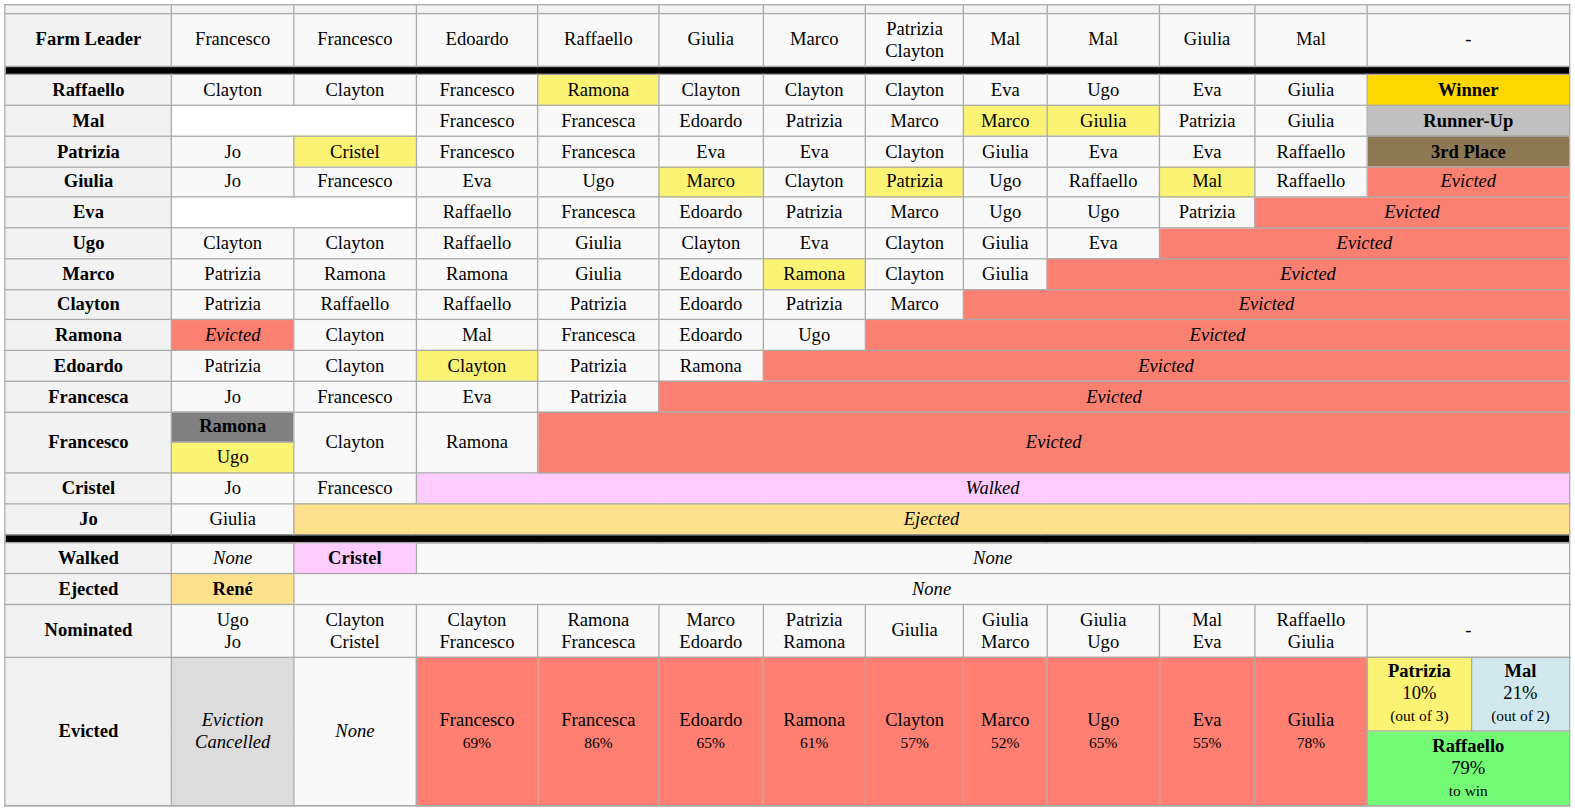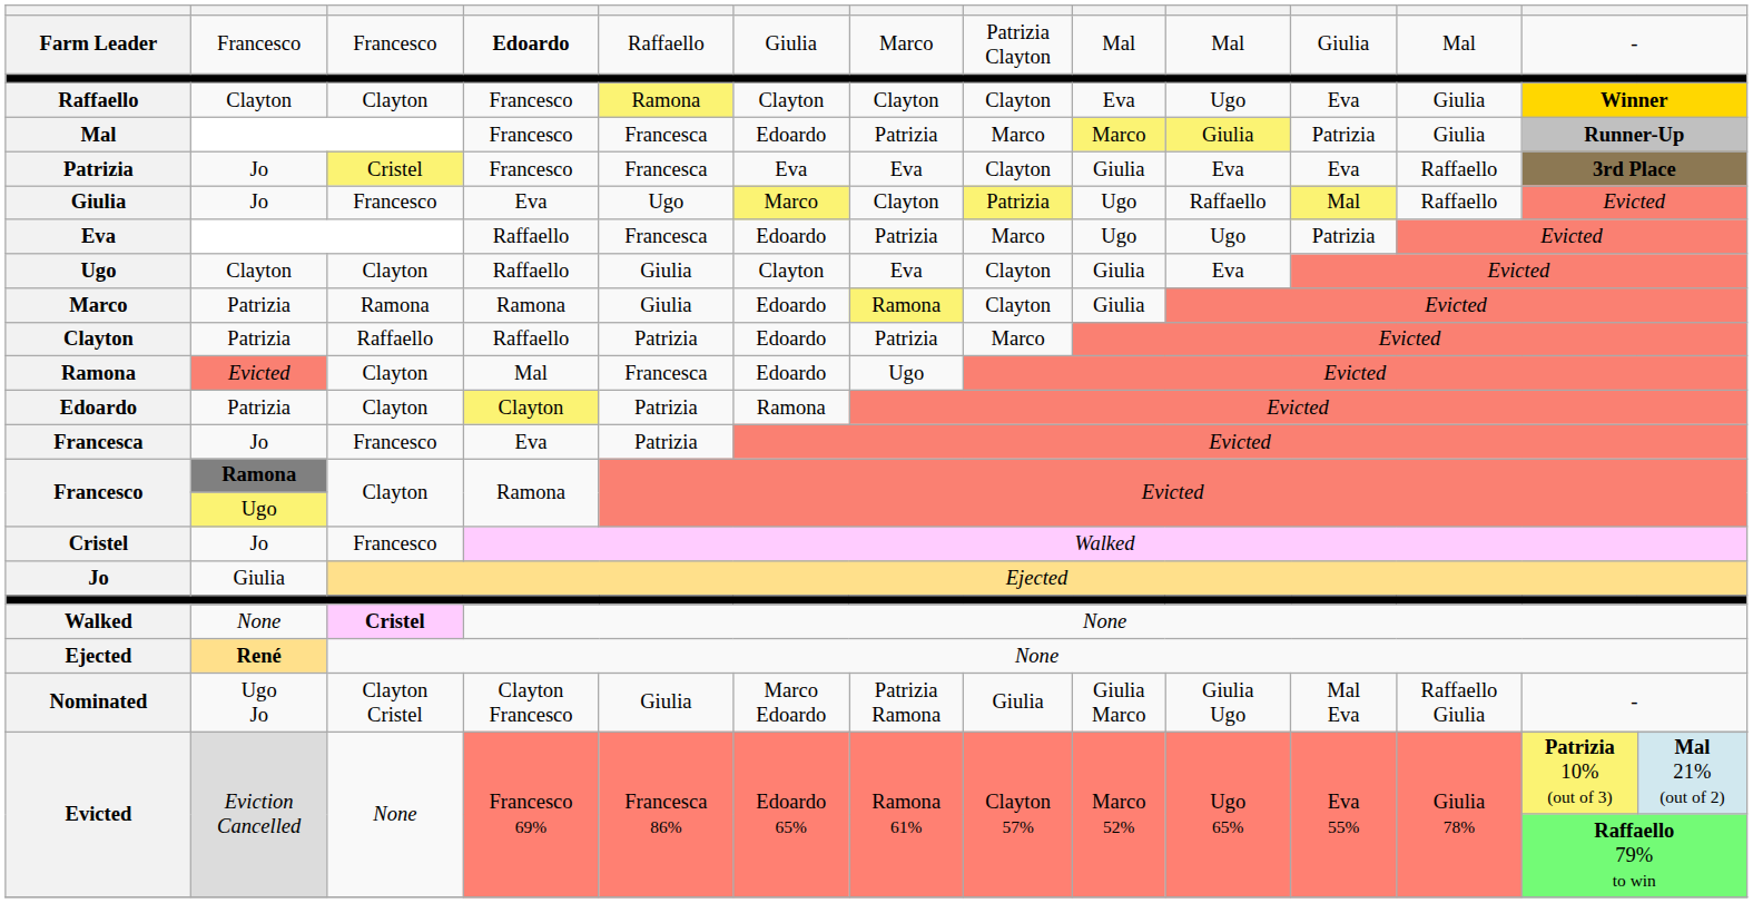 <table class="wikitable" style="font-size:90%; text-align:center; width: 96%; margin-left: auto; margin-right: auto;">
 <tr>
 <th></th>
 <th></th>
 <th></th>
 <th></th>
 <th></th>
 <th></th>
 <th></th>
 <th></th>
 <th></th>
 <th></th>
 <th></th>
 <th></th>
 <th colspan=2></th>
 </tr>
 <tr>
 <th>Farm Leader</th>
 <td>Francesco</td>
 <td>Francesco</td>
-<td>Edoardo</td>
+<td><strong>Edoardo</strong></td>
 <td>Raffaello</td>
 <td>Giulia</td>
 <td>Marco</td>
 <td>Patrizia<br>Clayton</td>
 <td>Mal</td>
 <td>Mal</td>
 <td>Giulia</td>
 <td>Mal</td>
 <td colspan=2>-</td>
 </tr>
 <tr>
 <th style="background:#000000;" colspan="14"></th>
 </tr>
 <tr>
 <th>Raffaello</th>
 <td>Clayton</td>
 <td>Clayton</td>
 <td>Francesco</td>
 <td style="background:#FBF373;">Ramona</td>
 <td>Clayton</td>
 <td>Clayton</td>
 <td>Clayton</td>
 <td>Eva</td>
 <td>Ugo</td>
 <td>Eva</td>
 <td>Giulia</td>
 <td style="background:#FFD700;" colspan=2><strong>Winner</strong></td>
 </tr>
 <tr>
 <th>Mal</th>
 <td style="background:#ffffff;" colspan="2"></td>
 <td>Francesco</td>
 <td>Francesca</td>
 <td>Edoardo</td>
 <td>Patrizia</td>
 <td>Marco</td>
 <td style="background:#FBF373;">Marco</td>
 <td style="background:#FBF373;">Giulia</td>
 <td>Patrizia</td>
 <td>Giulia</td>
 <td style="background:#C0C0C0;" colspan=2><strong>Runner-Up</strong></td>
 </tr>
 <tr>
 <th>Patrizia</th>
 <td>Jo</td>
 <td style="background:#FBF373;">Cristel</td>
 <td>Francesco</td>
 <td>Francesca</td>
 <td>Eva</td>
 <td>Eva</td>
 <td>Clayton</td>
 <td>Giulia</td>
 <td>Eva</td>
 <td>Eva</td>
 <td>Raffaello</td>
 <td style="background:#8C7853;" colspan=2><strong>3rd Place</strong></td>
 </tr>
 <tr>
 <th>Giulia</th>
 <td>Jo</td>
 <td>Francesco</td>
 <td>Eva</td>
 <td>Ugo</td>
 <td style="background:#FBF373;">Marco</td>
 <td>Clayton</td>
 <td style="background:#FBF373;">Patrizia</td>
 <td>Ugo</td>
 <td>Raffaello</td>
 <td style="background:#FBF373;">Mal</td>
 <td>Raffaello</td>
 <td style="background:#FA8072; text-align:center" colspan=2><em>Evicted</em></td>
 </tr>
 <tr>
 <th>Eva</th>
 <td style="background:#ffffff;" colspan="2"></td>
 <td>Raffaello</td>
 <td>Francesca</td>
 <td>Edoardo</td>
 <td>Patrizia</td>
 <td>Marco</td>
 <td>Ugo</td>
 <td>Ugo</td>
 <td>Patrizia</td>
 <td style="background:#FA8072; text align:center" colspan=3><em>Evicted</em></td>
 </tr>
 <tr>
 <th>Ugo</th>
 <td>Clayton</td>
 <td>Clayton</td>
 <td>Raffaello</td>
 <td>Giulia</td>
 <td>Clayton</td>
 <td>Eva</td>
 <td>Clayton</td>
 <td>Giulia</td>
 <td>Eva</td>
 <td style="background:#FA8072; text-align:center" colspan="4"><em>Evicted</em></td>
 </tr>
 <tr>
 <th>Marco</th>
 <td>Patrizia</td>
 <td>Ramona</td>
 <td>Ramona</td>
 <td>Giulia</td>
 <td>Edoardo</td>
 <td style="background:#FBF373;">Ramona</td>
 <td>Clayton</td>
 <td>Giulia</td>
 <td style="background:#FA8072; text-align:center" colspan="5"><em>Evicted</em></td>
 </tr>
 <tr>
 <th>Clayton</th>
 <td>Patrizia</td>
 <td>Raffaello</td>
 <td>Raffaello</td>
 <td>Patrizia</td>
 <td>Edoardo</td>
 <td>Patrizia</td>
 <td>Marco</td>
 <td style="background:#FA8072; text-align:center" colspan="6"><em>Evicted</em></td>
 </tr>
 <tr>
 <th>Ramona</th>
 <td style="background:#FA8072; text-align:center"><em>Evicted</em></td>
 <td>Clayton</td>
 <td>Mal</td>
 <td>Francesca</td>
 <td>Edoardo</td>
 <td>Ugo</td>
 <td style="background:#FA8072; text-align:center" colspan="7"><em>Evicted</em></td>
 </tr>
 <tr>
 <th>Edoardo</th>
 <td>Patrizia</td>
 <td>Clayton</td>
 <td style="background:#FBF373;">Clayton</td>
 <td>Patrizia</td>
 <td>Ramona</td>
 <td style="background:#FA8072; text-align:center" colspan="8"><em>Evicted</em></td>
 </tr>
 <tr>
 <th>Francesca</th>
 <td>Jo</td>
 <td>Francesco</td>
 <td>Eva</td>
 <td>Patrizia</td>
 <td style="background:#FA8072; text-align:center" colspan="9"><em>Evicted</em></td>
 </tr>
 <tr>
 <th rowspan=2>Francesco</th>
 <td style="background:#808080"><strong>Ramona </strong></td>
 <td rowspan=2>Clayton</td>
 <td rowspan=2>Ramona</td>
 <td style="background:#FA8072; text-align:center" colspan="10" rowspan=2><em>Evicted</em></td>
 </tr>
 <tr>
 <td style="background:#FBF373;">Ugo</td>
 </tr>
 <tr>
 <th>Cristel</th>
 <td>Jo</td>
 <td>Francesco</td>
 <td style="background:#FFCCFF; text-align:center" colspan="11"><em>Walked</em></td>
 </tr>
 <tr>
 <th>Jo</th>
 <td>Giulia</td>
 <td style="background:#FFE08B; text-align:center" colspan="12"><em>Ejected</em></td>
 </tr>
 <tr>
 <th style="background:#000000;" colspan="14"></th>
 </tr>
 <tr>
 <th>Walked</th>
 <td colspan=1><em>None</em></td>
 <td bgcolor="FFCCFF"><strong>Cristel</strong></td>
 <td colspan=11><em>None</em></td>
 </tr>
 <tr>
 <th>Ejected</th>
 <td bgcolor="FFE08B"><strong>René</strong></td>
 <td colspan=12><em>None</em></td>
 </tr>
 <tr>
 <th>Nominated</th>
 <td>Ugo<br>Jo</td>
 <td>Clayton<br>Cristel</td>
 <td>Clayton<br>Francesco</td>
-<td>Ramona<br>Francesca</td>
+<td>Giulia</td>
 <td>Marco<br>Edoardo</td>
 <td>Patrizia<br>Ramona</td>
 <td>Giulia</td>
 <td>Giulia<br>Marco</td>
 <td>Giulia<br>Ugo</td>
 <td>Mal<br>Eva</td>
 <td>Raffaello<br>Giulia</td>
 <td colspan=2>-</td>
 </tr>
 <tr>
 <th rowspan=3>Evicted</th>
 <td rowspan=3 bgcolor="DCDCDC"><em>Eviction<br>Cancelled</em></td>
 <td rowspan=3><em>None</em></td>
 <td rowspan=3 bgcolor="FF8072">Francesco<br><small>69%</small></td>
 <td rowspan=3 bgcolor="FF8072">Francesca<br><small>86%</small></td>
 <td rowspan=3 bgcolor="FF8072">Edoardo<br><small>65%</small></td>
 <td rowspan=3 bgcolor="FF8072">Ramona<br><small>61%</small></td>
 <td rowspan=3 bgcolor="FF8072">Clayton<br><small>57%</small></td>
 <td rowspan=3 bgcolor="FF8072">Marco<br><small>52%</small></td>
 <td rowspan=3 bgcolor="FF8072">Ugo<br><small>65%</small></td>
 <td rowspan=3 bgcolor="FF8072">Eva<br><small>55%</small></td>
 <td rowspan=3 bgcolor="FF8072">Giulia<br><small>78%</small></td>
 </tr>
 <tr>
 <td rowspan=1 bgcolor="FBF373"><strong>Patrizia</strong><br>10%<br><small>(out of 3)</small></td>
 <td rowspan=1 bgcolor="D1E8EF"><strong>Mal</strong><br>21%<br><small>(out of 2)</small></td>
 </tr>
 <tr>
 <td colspan=2 bgcolor="73FB76"><strong>Raffaello</strong><br>79%<br><small>to win</small></td>
 </tr>
 <tr>
 </tr>
 </table>
